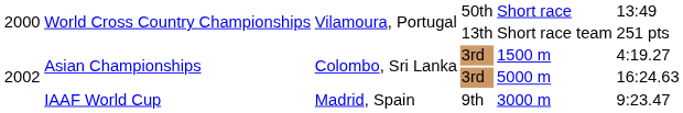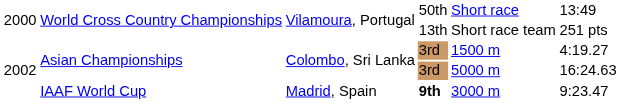 <table>
 <tr>
 <td rowspan=2>2000</td>
 <td rowspan=2><a href='#'>World Cross Country Championships</a></td>
 <td rowspan=2><a href='#'>Vilamoura</a>, Portugal</td>
 <td>50th</td>
 <td><a href='#'>Short race</a></td>
 <td>13:49</td>
 </tr>
 <tr>
 <td>13th</td>
 <td>Short race team</td>
 <td>251 pts</td>
 </tr>
 <tr>
 <td rowspan=3>2002</td>
 <td rowspan=2><a href='#'>Asian Championships</a></td>
 <td rowspan=2><a href='#'>Colombo</a>, Sri Lanka</td>
 <td bgcolor=cc9966>3rd</td>
 <td><a href='#'>1500 m</a></td>
 <td>4:19.27</td>
 </tr>
 <tr>
 <td bgcolor=cc9966>3rd</td>
 <td><a href='#'>5000 m</a></td>
 <td>16:24.63</td>
 </tr>
 <tr>
 <td><a href='#'>IAAF World Cup</a></td>
 <td><a href='#'>Madrid</a>, Spain</td>
-<td>9th</td>
+<td><strong>9th</strong></td>
 <td><a href='#'>3000 m</a></td>
 <td>9:23.47</td>
 </tr>
 </table>
